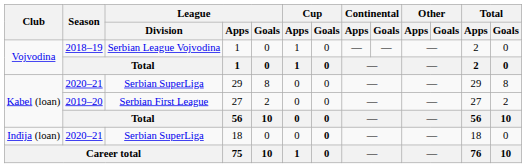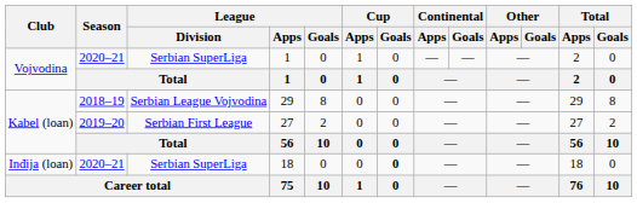 <table class="wikitable" style="text-align: center;font-size:90%">
 <tr>
 <th rowspan="2">Club</th>
 <th rowspan="2">Season</th>
 <th colspan="3">League</th>
 <th colspan="2">Cup</th>
 <th colspan="2">Continental</th>
 <th colspan="2">Other</th>
 <th colspan="2">Total</th>
 </tr>
 <tr>
 <th>Division</th>
 <th>Apps</th>
 <th>Goals</th>
 <th>Apps</th>
 <th>Goals</th>
 <th>Apps</th>
 <th>Goals</th>
 <th>Apps</th>
 <th>Goals</th>
 <th>Apps</th>
 <th>Goals</th>
 </tr>
 <tr>
 <td rowspan="2"><a href='#'>Vojvodina</a></td>
-<td><a href='#'>2018–19</a></td>
-<td><a href='#'>Serbian League Vojvodina</a></td>
+<td><a href='#'>2020–21</a></td>
+<td><a href='#'>Serbian SuperLiga</a></td>
 <td>1</td>
 <td>0</td>
 <td>1</td>
 <td>0</td>
 <td>—</td>
 <td>—</td>
 <td colspan="2">—</td>
 <td>2</td>
 <td>0</td>
 </tr>
 <tr>
 <th colspan="2">Total</th>
 <th>1</th>
 <th>0</th>
 <th>1</th>
 <th>0</th>
 <th colspan="2">—</th>
 <th colspan="2">—</th>
 <th>2</th>
 <th>0</th>
 </tr>
 <tr>
 <td rowspan="3"><a href='#'>Kabel</a> (loan)</td>
-<td><a href='#'>2020–21</a></td>
-<td><a href='#'>Serbian SuperLiga</a></td>
+<td><a href='#'>2018–19</a></td>
+<td><a href='#'>Serbian League Vojvodina</a></td>
 <td>29</td>
 <td>8</td>
 <td>0</td>
 <td>0</td>
 <td colspan="2">—</td>
 <td colspan="2">—</td>
 <td>29</td>
 <td>8</td>
 </tr>
 <tr>
 <td><a href='#'>2019–20</a></td>
 <td><a href='#'>Serbian First League</a></td>
 <td>27</td>
 <td>2</td>
 <td>0</td>
 <td>0</td>
 <td colspan="2">—</td>
 <td colspan="2">—</td>
 <td>27</td>
 <td>2</td>
 </tr>
 <tr>
 <th colspan="2">Total</th>
 <th>56</th>
 <th>10</th>
 <th>0</th>
 <th>0</th>
 <th colspan="2">—</th>
 <th colspan="2">—</th>
 <th>56</th>
 <th>10</th>
 </tr>
 <tr>
 <td><a href='#'>Inđija</a> (loan)</td>
 <td><a href='#'>2020–21</a></td>
 <td><a href='#'>Serbian SuperLiga</a></td>
 <td>18</td>
 <td>0</td>
 <td>0</td>
 <td><strong>0</strong></td>
 <td colspan="2">—</td>
 <td colspan="2">—</td>
 <td>18</td>
 <td>0</td>
 </tr>
 <tr>
 <th colspan="3">Career total</th>
 <th>75</th>
 <th>10</th>
 <th>1</th>
 <th>0</th>
 <th colspan="2">—</th>
 <th colspan="2">—</th>
 <th>76</th>
 <th>10</th>
 </tr>
 </table>
